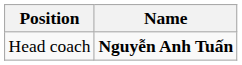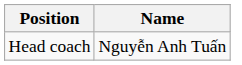 <table class="wikitable">
 <tr>
 <th>Position</th>
 <th>Name</th>
 </tr>
 <tr>
 <td>Head coach</td>
-<td><strong> Nguyễn Anh Tuấn</strong></td>
+<td> Nguyễn Anh Tuấn</td>
 </tr>
 </table>
